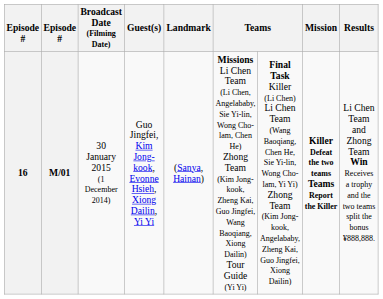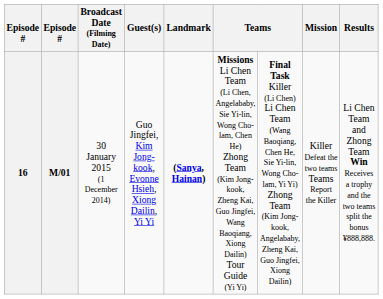 <table class="wikitable" style="text-align:center; width:100%">
 <tr>
 <th style="width:40px;"><br>Episode #</th>
 <th style="width:40px;"><br>Episode #</th>
 <th style="width:60px;">Broadcast Date <br><small>(Filming Date)</small></th>
 <th style="width:125px;">Guest(s)</th>
 <th style="width:100px;">Landmark</th>
 <th colspan="2">Teams</th>
 <th style="width:110px;">Mission</th>
 <th style="width:150px;">Results</th>
 </tr>
 <tr>
 <th>16</th>
 <th>M/01</th>
 <td>30 January 2015 <br><small>(1 December 2014)</small></td>
 <td>Guo Jingfei, <br><a href='#'>Kim Jong-kook</a>,<br><a href='#'>Evonne Hsieh</a>, <br><a href='#'>Xiong Dailin</a>,<br><a href='#'>Yi Yi</a></td>
-<td>(<a href='#'>Sanya</a>, <a href='#'>Hainan</a>)</td>
+<td><strong>(<a href='#'>Sanya</a>, <a href='#'>Hainan</a>)</strong></td>
 <td><strong>Missions</strong><br>Li Chen Team<br><small>(Li Chen, Angelababy, Sie Yi-lin, Wong Cho-lam, Chen He)</small><br>Zhong Team<br><small>(Kim Jong-kook, Zheng Kai, Guo Jingfei, Wang Baoqiang, Xiong Dailin)</small><br>Tour Guide<br><small>(Yi Yi)</small></td>
 <td><strong>Final Task</strong><br>Killer<br><small>(Li Chen)</small><br>Li Chen Team<br><small>(Wang Baoqiang, Chen He, Sie Yi-lin, Wong Cho-lam, Yi Yi)</small><br>Zhong Team<br><small>(Kim Jong-kook, Angelababy, Zheng Kai, Guo Jingfei, Xiong Dailin)</small></td>
-<td><strong>Killer<br><small>Defeat the two teams</small><br>Teams<br><small>Report the Killer</small></strong></td>
+<td>Killer<br><small>Defeat the two teams</small><br>Teams<br><small>Report the Killer</small></td>
 <td>Li Chen Team and<br>Zhong Team <strong>Win</strong><br><small>Receives a trophy and the two teams split the bonus ¥888,888.</small></td>
 </tr>
 </table>
